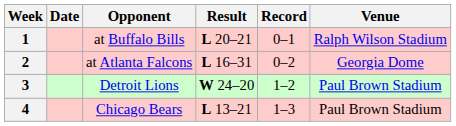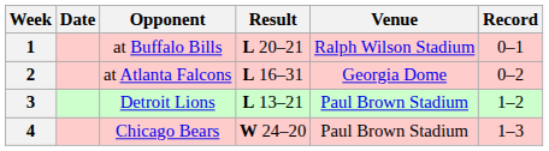 <table class="wikitable" style="text-align:center">
 <tr>
 <th>Week</th>
 <th>Date</th>
 <th>Opponent</th>
 <th>Result</th>
+<th>Venue</th>
 <th>Record</th>
-<th>Venue</th>
 </tr>
 <tr style="background:#fcc">
 <th>1</th>
 <td></td>
 <td>at <a href='#'>Buffalo Bills</a></td>
 <td><strong>L</strong> 20–21</td>
+<td><a href='#'>Ralph Wilson Stadium</a></td>
 <td>0–1</td>
-<td><a href='#'>Ralph Wilson Stadium</a></td>
 </tr>
 <tr style="background:#fcc">
 <th>2</th>
 <td></td>
 <td>at <a href='#'>Atlanta Falcons</a></td>
 <td><strong>L</strong> 16–31</td>
+<td><a href='#'>Georgia Dome</a></td>
 <td>0–2</td>
-<td><a href='#'>Georgia Dome</a></td>
 </tr>
 <tr style="background:#cfc">
 <th>3</th>
 <td></td>
 <td><a href='#'>Detroit Lions</a></td>
-<td><strong>W</strong> 24–20</td>
+<td><strong>L</strong> 13–21</td>
+<td><a href='#'>Paul Brown Stadium</a></td>
 <td>1–2</td>
-<td><a href='#'>Paul Brown Stadium</a></td>
 </tr>
 <tr style="background:#fcc">
 <th>4</th>
 <td></td>
 <td><a href='#'>Chicago Bears</a></td>
-<td><strong>L</strong> 13–21</td>
+<td><strong>W</strong> 24–20</td>
+<td>Paul Brown Stadium</td>
 <td>1–3</td>
-<td>Paul Brown Stadium</td>
 </tr>
 </table>
